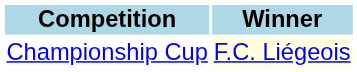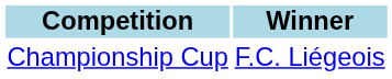 <table>
 <tr style="background:lightblue;">
 <th>Competition</th>
 <th>Winner</th>
 </tr>
 <tr>
 <td><a href='#'>Championship Cup</a></td>
-<td style="background: lightyellow;"><a href='#'>F.C. Liégeois</a></td>
+<td><a href='#'>F.C. Liégeois</a></td>
 </tr>
 </table>
